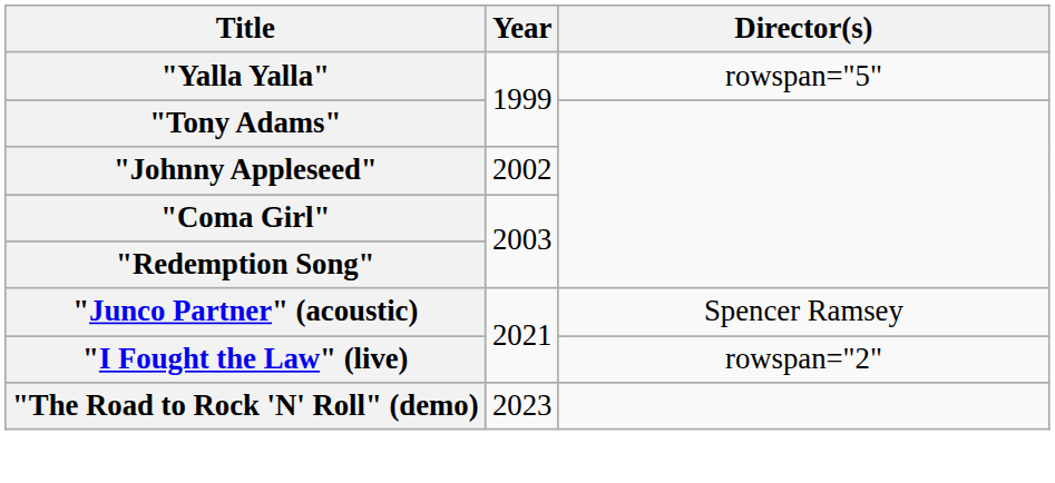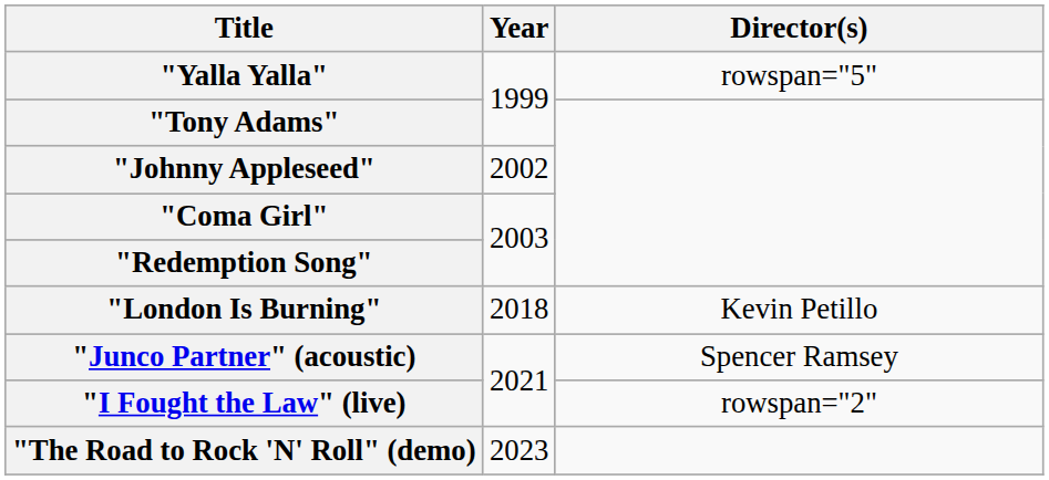 <table class="wikitable plainrowheaders" style="text-align:center;">
 <tr>
 <th scope="col">Title</th>
 <th scope="col">Year</th>
 <th scope="col" style="width:16em;">Director(s)</th>
 </tr>
 <tr>
 <th scope="row">"Yalla Yalla"</th>
 <td rowspan="2">1999</td>
 <td>rowspan="5" </td>
 </tr>
 <tr>
 <th scope="row">"Tony Adams"</th>
 </tr>
 <tr>
 <th scope="row">"Johnny Appleseed"</th>
 <td>2002</td>
 </tr>
 <tr>
 <th scope="row">"Coma Girl"</th>
 <td rowspan="2">2003</td>
 </tr>
 <tr>
 <th scope="row">"Redemption Song"</th>
 </tr>
 <tr>
+<th scope="row">"London Is Burning"</th>
+<td>2018</td>
+<td>Kevin Petillo</td>
+</tr>
+<tr>
 <th scope="row">"<a href='#'>Junco Partner</a>" (acoustic)</th>
 <td rowspan="2">2021</td>
 <td>Spencer Ramsey</td>
 </tr>
 <tr>
 <th scope="row">"<a href='#'>I Fought the Law</a>" (live)</th>
 <td>rowspan="2" </td>
 </tr>
 <tr>
 <th scope="row">"The Road to Rock 'N' Roll" (demo)</th>
 <td>2023</td>
 </tr>
 </table>
